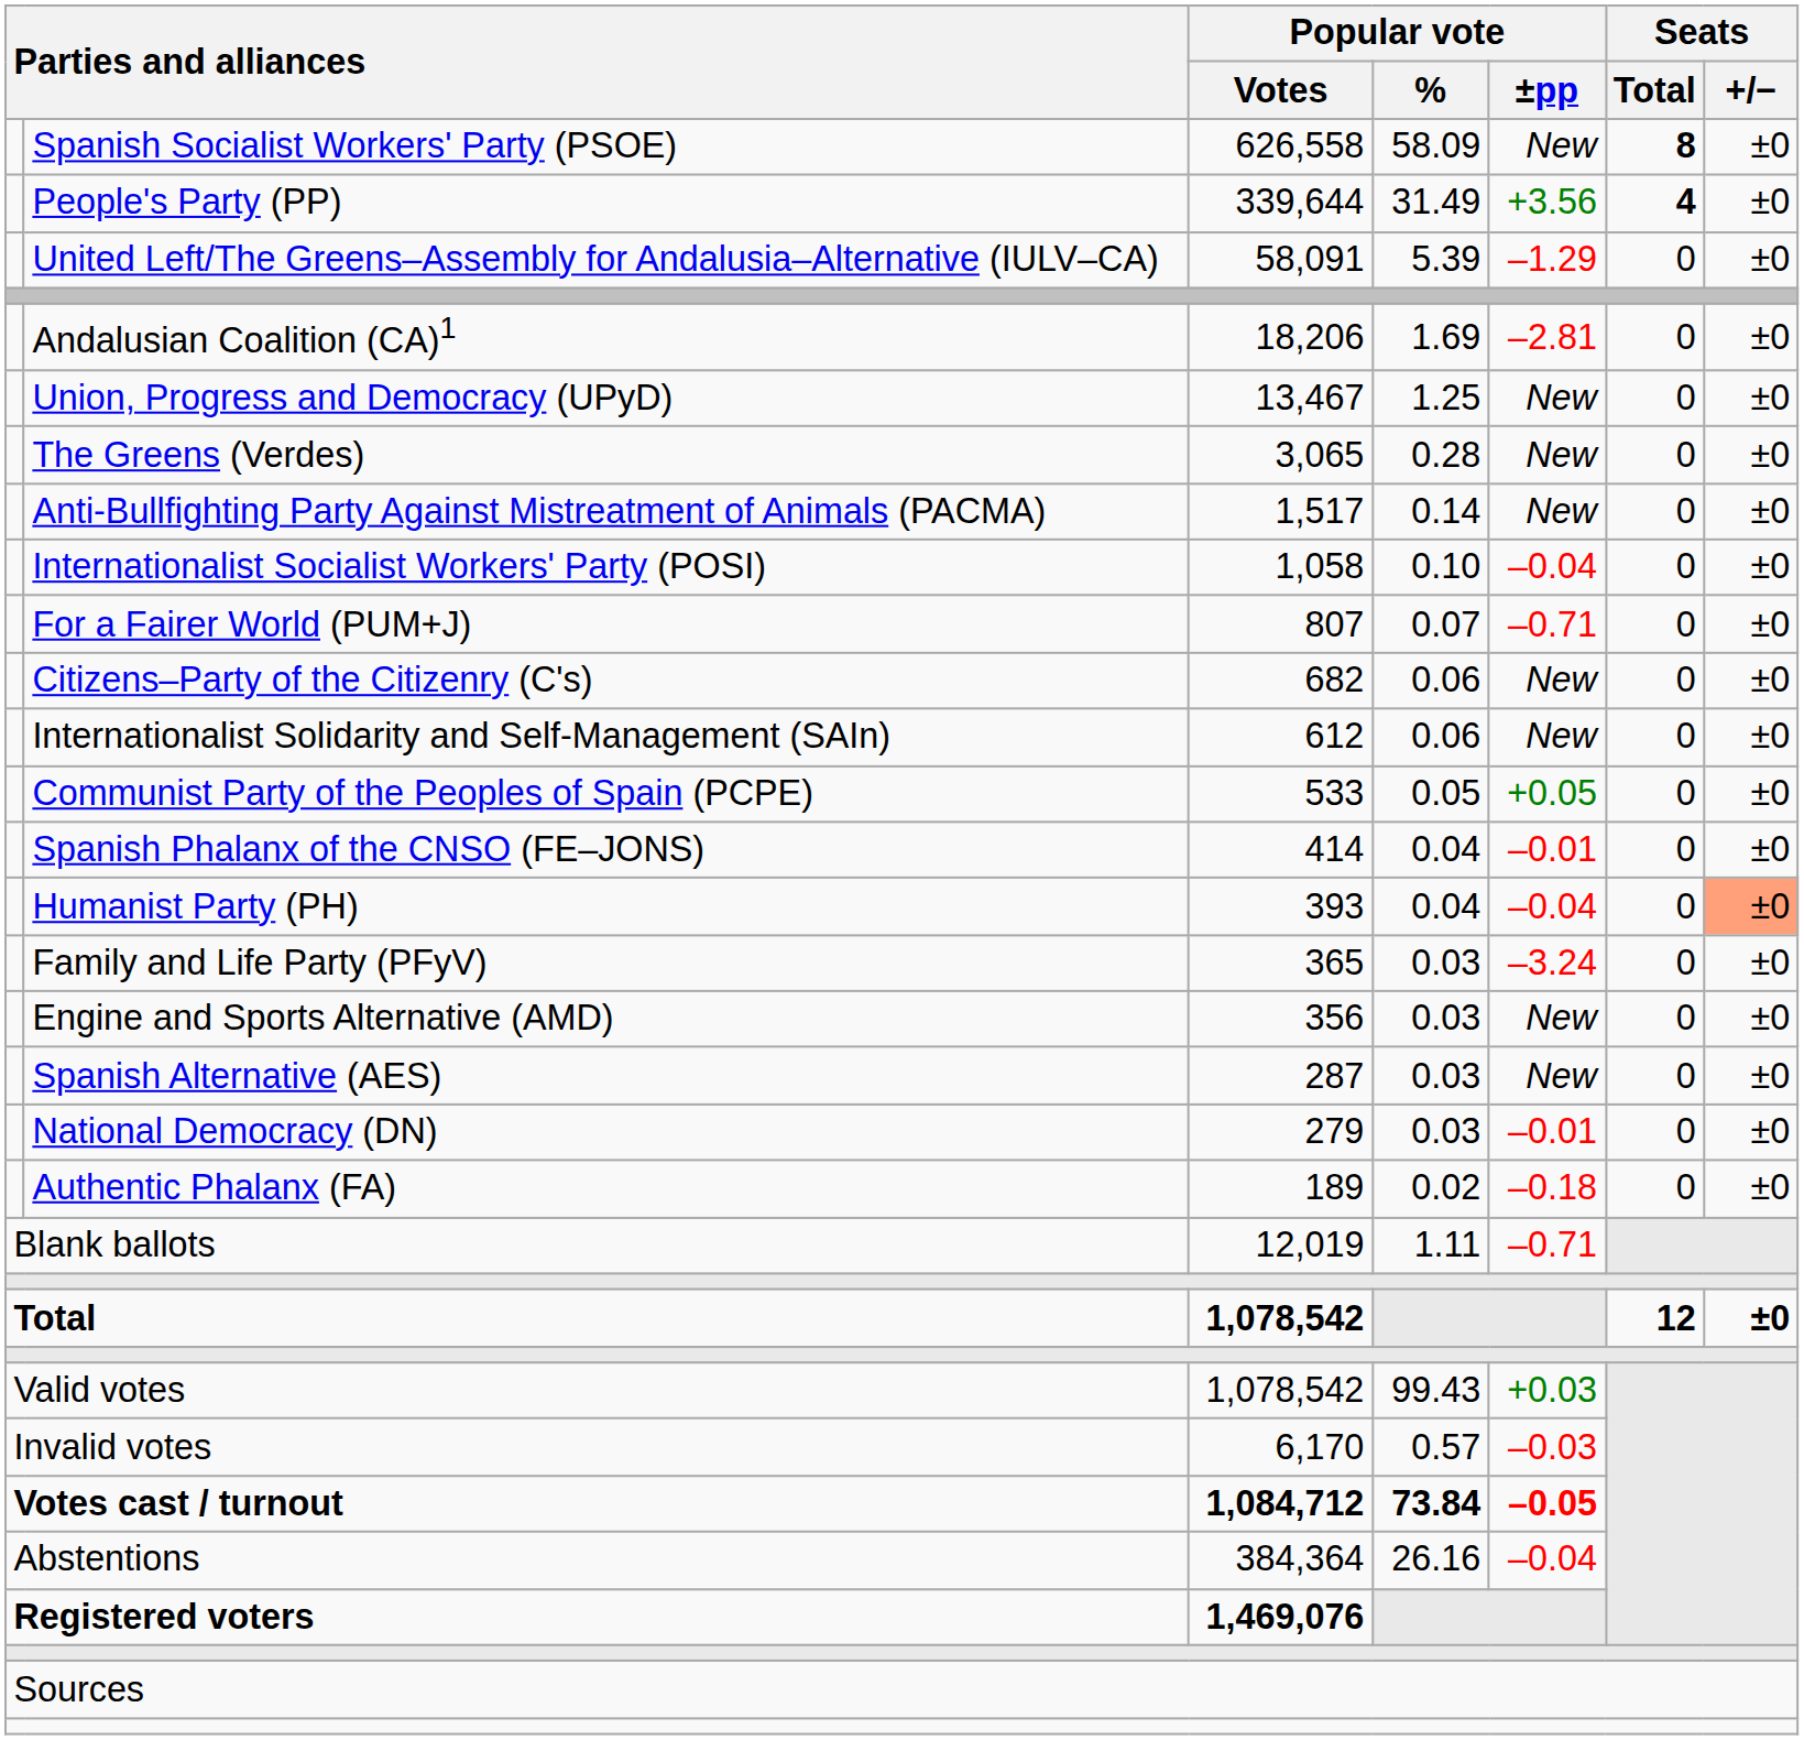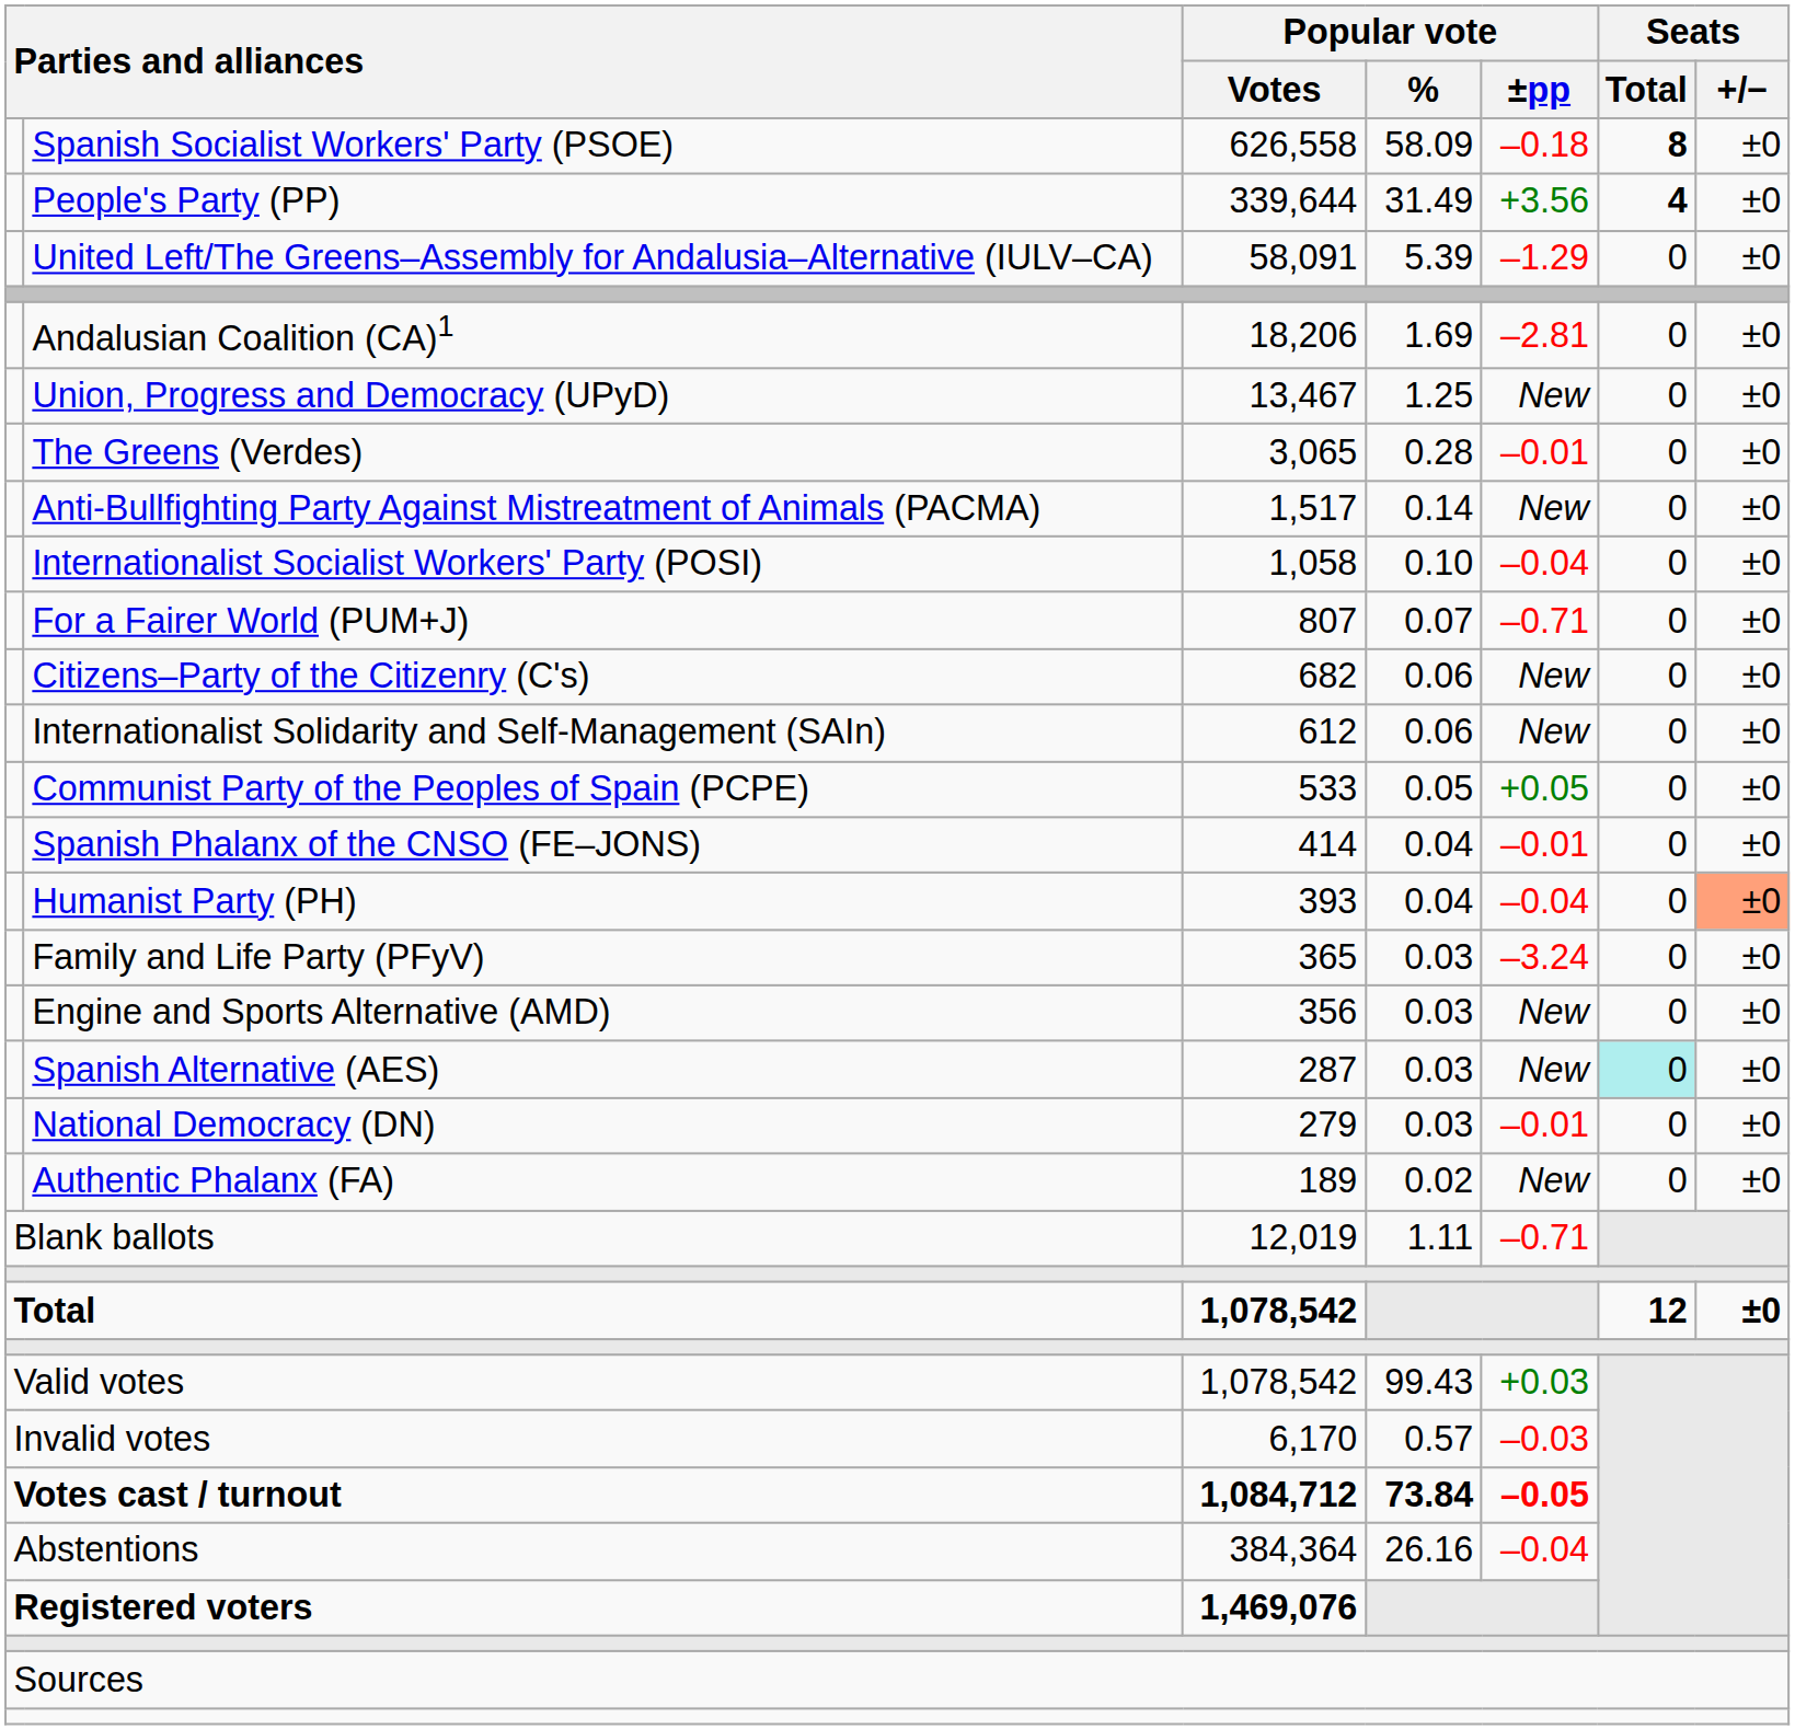 <table class="wikitable" style="text-align:right;">
 <tr>
 <th style="text-align:left;" rowspan="2" colspan="2" width="525">Parties and alliances</th>
 <th colspan="3">Popular vote</th>
 <th colspan="2">Seats</th>
 </tr>
 <tr>
 <th width="75">Votes</th>
 <th width="45">%</th>
 <th width="45">±<a href='#'>pp</a></th>
 <th width="35">Total</th>
 <th width="35">+/−</th>
 </tr>
 <tr>
 <td width="1" style="color:inherit;background:"></td>
 <td align="left"><a href='#'>Spanish Socialist Workers' Party</a> (PSOE)</td>
 <td>626,558</td>
 <td>58.09</td>
-<td><em>New</em></td>
+<td style="color:red;">–0.18</td>
 <td><strong>8</strong></td>
 <td>±0</td>
 </tr>
 <tr>
 <td style="color:inherit;background:"></td>
 <td align="left"><a href='#'>People's Party</a> (PP)</td>
 <td>339,644</td>
 <td>31.49</td>
 <td style="color:green;">+3.56</td>
 <td><strong>4</strong></td>
 <td>±0</td>
 </tr>
 <tr>
 <td style="color:inherit;background:"></td>
 <td align="left"><a href='#'>United Left/The Greens–Assembly for Andalusia–Alternative</a> (IULV–CA)</td>
 <td>58,091</td>
 <td>5.39</td>
 <td style="color:red;">–1.29</td>
 <td>0</td>
 <td>±0</td>
 </tr>
 <tr>
 <td colspan="7" bgcolor="#C0C0C0"></td>
 </tr>
 <tr>
 <td style="color:inherit;background:"></td>
 <td align="left">Andalusian Coalition (CA)<sup>1</sup></td>
 <td>18,206</td>
 <td>1.69</td>
 <td style="color:red;">–2.81</td>
 <td>0</td>
 <td>±0</td>
 </tr>
 <tr>
 <td style="color:inherit;background:"></td>
 <td align="left"><a href='#'>Union, Progress and Democracy</a> (UPyD)</td>
 <td>13,467</td>
 <td>1.25</td>
 <td><em>New</em></td>
 <td>0</td>
 <td>±0</td>
 </tr>
 <tr>
 <td style="color:inherit;background:"></td>
 <td align="left"><a href='#'>The Greens</a> (Verdes)</td>
 <td>3,065</td>
 <td>0.28</td>
-<td><em>New</em></td>
+<td style="color:red;">–0.01</td>
 <td>0</td>
 <td>±0</td>
 </tr>
 <tr>
 <td style="color:inherit;background:"></td>
 <td align="left"><a href='#'>Anti-Bullfighting Party Against Mistreatment of Animals</a> (PACMA)</td>
 <td>1,517</td>
 <td>0.14</td>
 <td><em>New</em></td>
 <td>0</td>
 <td>±0</td>
 </tr>
 <tr>
 <td style="color:inherit;background:"></td>
 <td align="left"><a href='#'>Internationalist Socialist Workers' Party</a> (POSI)</td>
 <td>1,058</td>
 <td>0.10</td>
 <td style="color:red;">–0.04</td>
 <td>0</td>
 <td>±0</td>
 </tr>
 <tr>
 <td style="color:inherit;background:"></td>
 <td align="left"><a href='#'>For a Fairer World</a> (PUM+J)</td>
 <td>807</td>
 <td>0.07</td>
 <td style="color:red;">–0.71</td>
 <td>0</td>
 <td>±0</td>
 </tr>
 <tr>
 <td style="color:inherit;background:"></td>
 <td align="left"><a href='#'>Citizens–Party of the Citizenry</a> (C's)</td>
 <td>682</td>
 <td>0.06</td>
 <td><em>New</em></td>
 <td>0</td>
 <td>±0</td>
 </tr>
 <tr>
 <td style="color:inherit;background:"></td>
 <td align="left">Internationalist Solidarity and Self-Management (SAIn)</td>
 <td>612</td>
 <td>0.06</td>
 <td><em>New</em></td>
 <td>0</td>
 <td>±0</td>
 </tr>
 <tr>
 <td style="color:inherit;background:"></td>
 <td align="left"><a href='#'>Communist Party of the Peoples of Spain</a> (PCPE)</td>
 <td>533</td>
 <td>0.05</td>
 <td style="color:green;">+0.05</td>
 <td>0</td>
 <td>±0</td>
 </tr>
 <tr>
 <td style="color:inherit;background:"></td>
 <td align="left"><a href='#'>Spanish Phalanx of the CNSO</a> (FE–JONS)</td>
 <td>414</td>
 <td>0.04</td>
 <td style="color:red;">–0.01</td>
 <td>0</td>
 <td>±0</td>
 </tr>
 <tr>
 <td style="color:inherit;background:"></td>
 <td align="left"><a href='#'>Humanist Party</a> (PH)</td>
 <td>393</td>
 <td>0.04</td>
 <td style="color:red;">–0.04</td>
 <td>0</td>
 <td style="background: lightsalmon;">±0</td>
 </tr>
 <tr>
 <td style="color:inherit;background:"></td>
 <td align="left">Family and Life Party (PFyV)</td>
 <td>365</td>
 <td>0.03</td>
 <td style="color:red;">–3.24</td>
 <td>0</td>
 <td>±0</td>
 </tr>
 <tr>
 <td style="color:inherit;background:"></td>
 <td align="left">Engine and Sports Alternative (AMD)</td>
 <td>356</td>
 <td>0.03</td>
 <td><em>New</em></td>
 <td>0</td>
 <td>±0</td>
 </tr>
 <tr>
 <td style="color:inherit;background:"></td>
 <td align="left"><a href='#'>Spanish Alternative</a> (AES)</td>
 <td>287</td>
 <td>0.03</td>
 <td><em>New</em></td>
-<td>0</td>
+<td style="background: paleturquoise;">0</td>
 <td>±0</td>
 </tr>
 <tr>
 <td style="color:inherit;background:"></td>
 <td align="left"><a href='#'>National Democracy</a> (DN)</td>
 <td>279</td>
 <td>0.03</td>
 <td style="color:red;">–0.01</td>
 <td>0</td>
 <td>±0</td>
 </tr>
 <tr>
 <td style="color:inherit;background:"></td>
 <td align="left"><a href='#'>Authentic Phalanx</a> (FA)</td>
 <td>189</td>
 <td>0.02</td>
-<td style="color:red;">–0.18</td>
+<td><em>New</em></td>
 <td>0</td>
 <td>±0</td>
 </tr>
 <tr>
 <td align="left" colspan="2">Blank ballots</td>
 <td>12,019</td>
 <td>1.11</td>
 <td style="color:red;">–0.71</td>
 <td bgcolor="#E9E9E9" colspan="2"></td>
 </tr>
 <tr>
 <td colspan="7" bgcolor="#E9E9E9"></td>
 </tr>
 <tr style="font-weight:bold;">
 <td align="left" colspan="2">Total</td>
 <td>1,078,542</td>
 <td bgcolor="#E9E9E9" colspan="2"></td>
 <td>12</td>
 <td>±0</td>
 </tr>
 <tr>
 <td colspan="7" bgcolor="#E9E9E9"></td>
 </tr>
 <tr>
 <td align="left" colspan="2">Valid votes</td>
 <td>1,078,542</td>
 <td>99.43</td>
 <td style="color:green;">+0.03</td>
 <td bgcolor="#E9E9E9" colspan="2" rowspan="5"></td>
 </tr>
 <tr>
 <td align="left" colspan="2">Invalid votes</td>
 <td>6,170</td>
 <td>0.57</td>
 <td style="color:red;">–0.03</td>
 </tr>
 <tr style="font-weight:bold;">
 <td align="left" colspan="2">Votes cast / turnout</td>
 <td>1,084,712</td>
 <td>73.84</td>
 <td style="color:red;">–0.05</td>
 </tr>
 <tr>
 <td align="left" colspan="2">Abstentions</td>
 <td>384,364</td>
 <td>26.16</td>
 <td style="color:red;">–0.04</td>
 </tr>
 <tr style="font-weight:bold;">
 <td align="left" colspan="2">Registered voters</td>
 <td>1,469,076</td>
 <td bgcolor="#E9E9E9" colspan="2"></td>
 </tr>
 <tr>
 <td colspan="7" bgcolor="#E9E9E9"></td>
 </tr>
 <tr>
 <td align="left" colspan="7">Sources</td>
 </tr>
 <tr>
 <td colspan="7" style="text-align:left; max-width:790px;"></td>
 </tr>
 </table>
